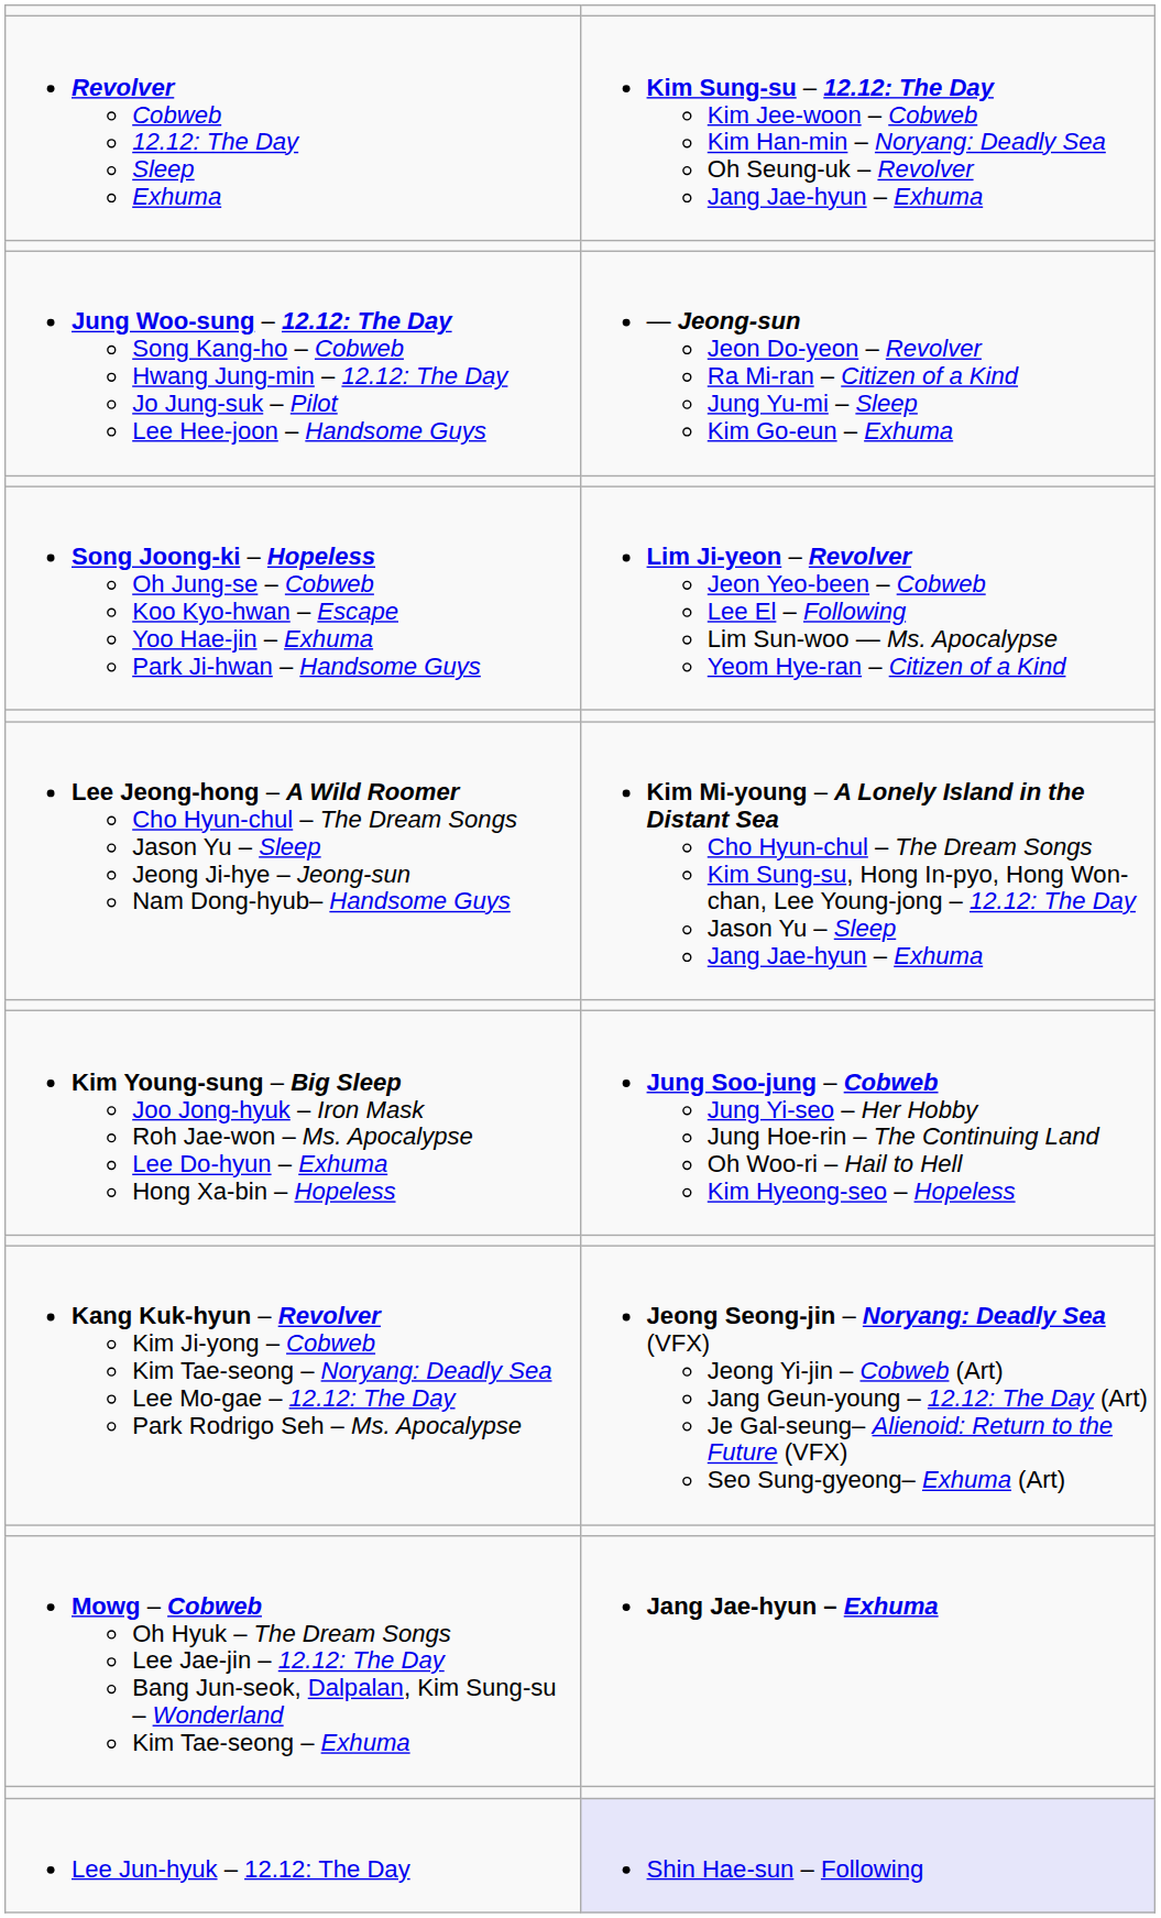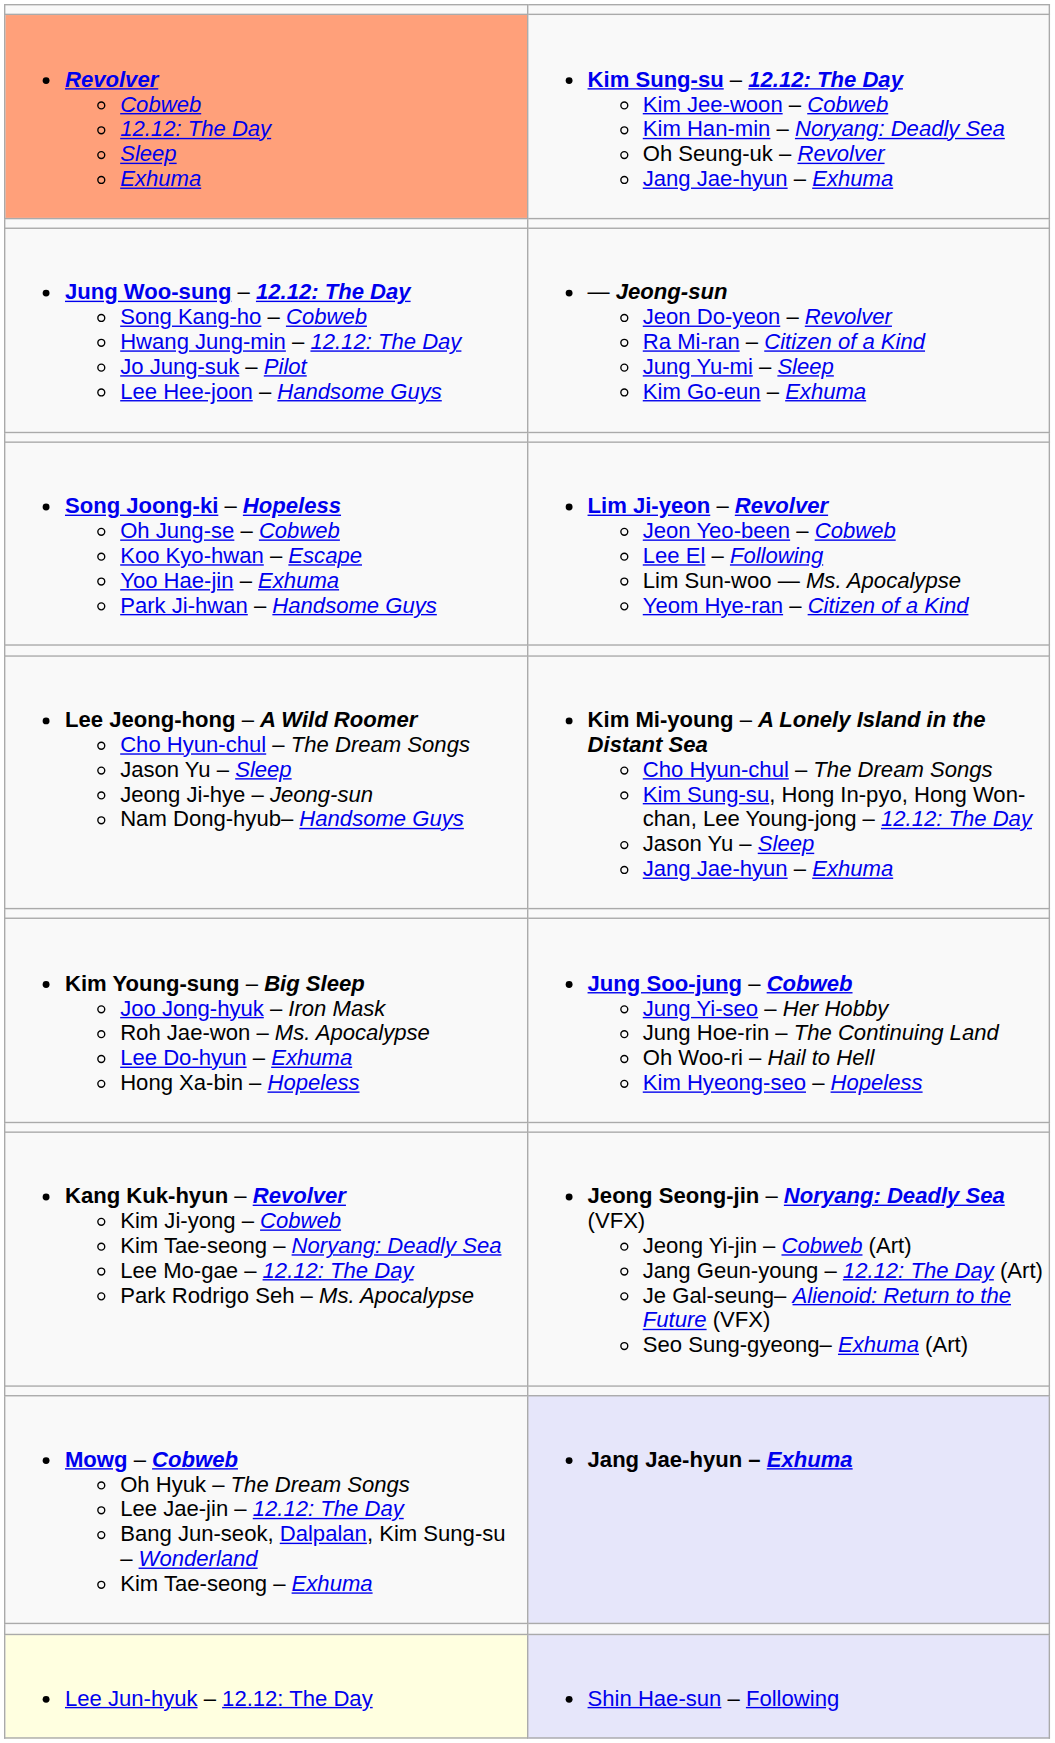 <table class="wikitable" style="width:60%">
 <tr>
 <td style="width:30%"></td>
 <td style="width:30%"></td>
 </tr>
 <tr>
-<td valign="top"><br><ul><li><strong><em><a href='#'>Revolver</a></em></strong><ul><li><em><a href='#'>Cobweb</a></em></li><li><em><a href='#'>12.12: The Day</a></em></li><li><em><a href='#'>Sleep</a></em></li><li><em><a href='#'>Exhuma</a></em></li></ul></li></ul></td>
+<td valign="top" style="background: lightsalmon;"><br><ul><li><strong><em><a href='#'>Revolver</a></em></strong><ul><li><em><a href='#'>Cobweb</a></em></li><li><em><a href='#'>12.12: The Day</a></em></li><li><em><a href='#'>Sleep</a></em></li><li><em><a href='#'>Exhuma</a></em></li></ul></li></ul></td>
 <td valign="top"><br><ul><li><strong><a href='#'>Kim Sung-su</a></strong> – <strong><em><a href='#'>12.12: The Day</a></em></strong><ul><li><a href='#'>Kim Jee-woon</a> – <em><a href='#'>Cobweb</a></em></li><li><a href='#'>Kim Han-min</a> – <em><a href='#'>Noryang: Deadly Sea</a></em></li><li>Oh Seung-uk – <em><a href='#'>Revolver</a></em></li><li><a href='#'>Jang Jae-hyun</a> – <em><a href='#'>Exhuma</a></em></li></ul></li></ul></td>
 </tr>
 <tr>
 <td style="width:30%"></td>
 <td style="width:30%"></td>
 </tr>
 <tr>
 <td valign="top"><br><ul><li><strong><a href='#'>Jung Woo-sung</a></strong> – <strong><em><a href='#'>12.12: The Day</a></em></strong><ul><li><a href='#'>Song Kang-ho</a> – <em><a href='#'>Cobweb</a></em></li><li><a href='#'>Hwang Jung-min</a> – <em><a href='#'>12.12: The Day</a></em></li><li><a href='#'>Jo Jung-suk</a> – <em><a href='#'>Pilot</a></em></li><li><a href='#'>Lee Hee-joon</a> – <em><a href='#'>Handsome Guys</a></em></li></ul></li></ul></td>
 <td valign="top"><br><ul><li><strong></strong> — <strong><em>Jeong-sun</em></strong><ul><li><a href='#'>Jeon Do-yeon</a> – <em><a href='#'>Revolver</a></em></li><li><a href='#'>Ra Mi-ran</a> – <em><a href='#'>Citizen of a Kind</a></em></li><li><a href='#'>Jung Yu-mi</a> – <em><a href='#'>Sleep</a></em></li><li><a href='#'>Kim Go-eun</a> – <em><a href='#'>Exhuma</a></em></li></ul></li></ul></td>
 </tr>
 <tr>
 <td style="width:30%"></td>
 <td style="width:30%"></td>
 </tr>
 <tr>
 <td valign="top"><br><ul><li><strong><a href='#'>Song Joong-ki</a></strong> – <strong><em><a href='#'>Hopeless</a></em></strong><ul><li><a href='#'>Oh Jung-se</a> – <em><a href='#'>Cobweb</a></em></li><li><a href='#'>Koo Kyo-hwan</a> – <em><a href='#'>Escape</a></em></li><li><a href='#'>Yoo Hae-jin</a> – <em><a href='#'>Exhuma</a></em></li><li><a href='#'>Park Ji-hwan</a> –  <em><a href='#'>Handsome Guys</a></em></li></ul></li></ul></td>
 <td valign="top"><br><ul><li><strong><a href='#'>Lim Ji-yeon</a></strong> – <strong><em><a href='#'>Revolver</a></em></strong><ul><li><a href='#'>Jeon Yeo-been</a> – <em><a href='#'>Cobweb</a></em></li><li><a href='#'>Lee El</a> – <em><a href='#'>Following</a></em></li><li>Lim Sun-woo — <em>Ms. Apocalypse</em></li><li><a href='#'>Yeom Hye-ran</a> – <em><a href='#'>Citizen of a Kind</a></em></li></ul></li></ul></td>
 </tr>
 <tr>
 <td style="width:30%"></td>
 <td style="width:30%"></td>
 </tr>
 <tr>
 <td valign="top"><br><ul><li><strong>Lee Jeong-hong</strong> – <strong><em>A Wild Roomer</em></strong><ul><li><a href='#'>Cho Hyun-chul</a> – <em>The Dream Songs</em></li><li>Jason Yu – <em><a href='#'>Sleep</a> </em></li><li>Jeong Ji-hye – <em>Jeong-sun</em></li><li>Nam Dong-hyub– <em><a href='#'>Handsome Guys</a></em></li></ul></li></ul></td>
 <td valign="top"><br><ul><li><strong>Kim Mi-young</strong> – <strong><em>A Lonely Island in the Distant Sea</em></strong><ul><li><a href='#'>Cho Hyun-chul</a> – <em>The Dream Songs</em></li><li><a href='#'>Kim Sung-su</a>, Hong In-pyo, Hong Won-chan, Lee Young-jong – <em><a href='#'>12.12: The Day</a></em></li><li>Jason Yu – <em><a href='#'>Sleep</a></em></li><li><a href='#'>Jang Jae-hyun</a> – <em><a href='#'>Exhuma</a></em></li></ul></li></ul></td>
 </tr>
 <tr>
 <td style="width:30%"></td>
 <td style="width:30%"></td>
 </tr>
 <tr>
 <td valign="top"><br><ul><li><strong>Kim Young-sung</strong> – <strong><em>Big Sleep</em></strong><ul><li><a href='#'>Joo Jong-hyuk</a> – <em>Iron Mask</em></li><li>Roh Jae-won – <em>Ms. Apocalypse</em></li><li><a href='#'>Lee Do-hyun</a> – <em><a href='#'>Exhuma</a></em></li><li>Hong Xa-bin – <em><a href='#'>Hopeless</a></em></li></ul></li></ul></td>
 <td valign="top"><br><ul><li><strong><a href='#'>Jung Soo-jung</a></strong> – <strong><em><a href='#'>Cobweb</a></em></strong><ul><li><a href='#'>Jung Yi-seo</a> – <em>Her Hobby</em></li><li>Jung Hoe-rin – <em>The Continuing Land</em></li><li>Oh Woo-ri – <em>Hail to Hell</em></li><li><a href='#'>Kim Hyeong-seo</a> – <em><a href='#'>Hopeless</a></em></li></ul></li></ul></td>
 </tr>
 <tr>
 <td style="width:30%"></td>
 <td style="width:30%"></td>
 </tr>
 <tr>
 <td valign="top"><br><ul><li><strong>Kang Kuk-hyun</strong> – <strong><em><a href='#'>Revolver</a></em></strong><ul><li>Kim Ji-yong – <em><a href='#'>Cobweb</a></em></li><li>Kim Tae-seong – <em><a href='#'>Noryang: Deadly Sea</a></em></li><li>Lee Mo-gae – <em><a href='#'>12.12: The Day</a></em></li><li>Park Rodrigo Seh – <em>Ms. Apocalypse</em></li></ul></li></ul></td>
 <td valign="top"><br><ul><li><strong>Jeong Seong-jin</strong> – <strong><em><a href='#'>Noryang: Deadly Sea</a></em></strong> (VFX)<ul><li>Jeong Yi-jin – <em><a href='#'>Cobweb</a></em> (Art)</li><li>Jang Geun-young – <em><a href='#'>12.12: The Day</a></em> (Art)</li><li>Je Gal-seung– <em><a href='#'>Alienoid: Return to the Future</a></em> (VFX)</li><li>Seo Sung-gyeong– <em><a href='#'>Exhuma</a></em> (Art)</li></ul></li></ul></td>
 </tr>
 <tr>
 <td style="width:30%"></td>
 <td style="width:30%"></td>
 </tr>
 <tr>
 <td valign="top"><br><ul><li><strong><a href='#'>Mowg</a></strong> – <strong><em><a href='#'>Cobweb</a></em></strong><ul><li>Oh Hyuk – <em>The Dream Songs</em></li><li>Lee Jae-jin –  <em><a href='#'>12.12: The Day</a></em></li><li>Bang Jun-seok, <a href='#'>Dalpalan</a>, Kim Sung-su – <em><a href='#'>Wonderland</a></em></li><li>Kim Tae-seong – <em><a href='#'>Exhuma</a></em></li></ul></li></ul></td>
-<td valign="top"><br><ul><li><strong> Jang Jae-hyun – <em><a href='#'>Exhuma</a><strong><em></li></ul></td>
+<td valign="top" style="background: lavender;"><br><ul><li><strong> Jang Jae-hyun – <em><a href='#'>Exhuma</a><strong><em></li></ul></td>
 </tr>
 <tr>
 <td style="width:30%"></td>
 <td style="width:30%"></td>
 </tr>
 <tr>
-<td valign="top"><br><ul><li></strong> <a href='#'>Lee Jun-hyuk</a> – </em><a href='#'>12.12: The Day</a><em> <strong></li></ul></td>
+<td valign="top" style="background: lightyellow;"><br><ul><li></strong> <a href='#'>Lee Jun-hyuk</a> – </em><a href='#'>12.12: The Day</a><em> <strong></li></ul></td>
 <td valign="top" style="background: lavender;"><br><ul><li></strong> <a href='#'>Shin Hae-sun</a> – </em><a href='#'>Following</a><em> <strong></li></ul></td>
 </tr>
 </table>
